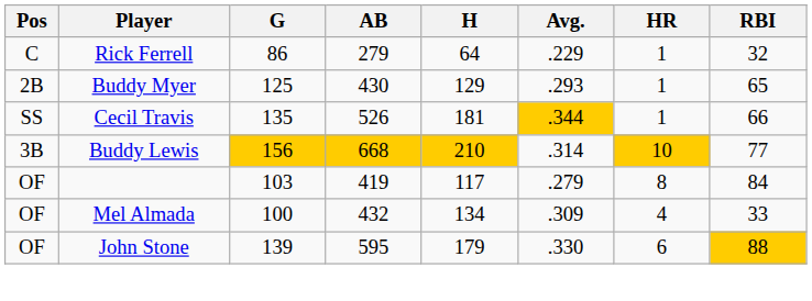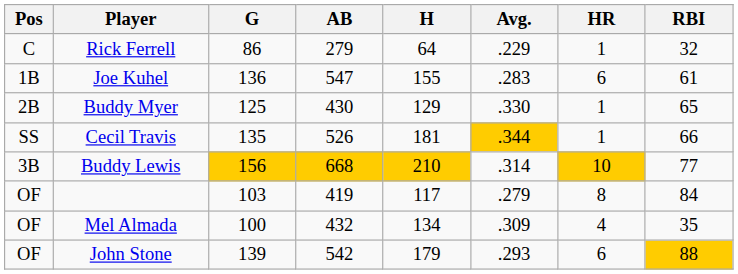 <table class="wikitable sortable">
 <tr>
 <th bgcolor="#DDDDFF" width="5%">Pos</th>
 <th bgcolor="#DDDDFF" width="16%">Player</th>
 <th bgcolor="#DDDDFF" width="9%">G</th>
 <th bgcolor="#DDDDFF" width="9%">AB</th>
 <th bgcolor="#DDDDFF" width="9%">H</th>
 <th bgcolor="#DDDDFF" width="9%">Avg.</th>
 <th bgcolor="#DDDDFF" width="9%">HR</th>
 <th bgcolor="#DDDDFF" width="9%">RBI</th>
 </tr>
 <tr align="center">
 <td>C</td>
 <td><a href='#'>Rick Ferrell</a></td>
 <td>86</td>
 <td>279</td>
 <td>64</td>
 <td>.229</td>
 <td>1</td>
 <td>32</td>
 </tr>
 <tr align="center">
+<td>1B</td>
+<td><a href='#'>Joe Kuhel</a></td>
+<td>136</td>
+<td>547</td>
+<td>155</td>
+<td>.283</td>
+<td>6</td>
+<td>61</td>
+</tr>
+<tr align="center">
 <td>2B</td>
 <td><a href='#'>Buddy Myer</a></td>
 <td>125</td>
 <td>430</td>
 <td>129</td>
-<td>.293</td>
+<td>.330</td>
 <td>1</td>
 <td>65</td>
 </tr>
 <tr align="center">
 <td>SS</td>
 <td><a href='#'>Cecil Travis</a></td>
 <td>135</td>
 <td>526</td>
 <td>181</td>
 <td style="background:#fc0;">.344</td>
 <td>1</td>
 <td>66</td>
 </tr>
 <tr align="center">
 <td>3B</td>
 <td><a href='#'>Buddy Lewis</a></td>
 <td style="background:#fc0;">156</td>
 <td style="background:#fc0;">668</td>
 <td style="background:#fc0;">210</td>
 <td>.314</td>
 <td style="background:#fc0;">10</td>
 <td>77</td>
 </tr>
 <tr align="center">
 <td>OF</td>
 <td></td>
 <td>103</td>
 <td>419</td>
 <td>117</td>
 <td>.279</td>
 <td>8</td>
 <td>84</td>
 </tr>
 <tr align="center">
 <td>OF</td>
 <td><a href='#'>Mel Almada</a></td>
 <td>100</td>
 <td>432</td>
 <td>134</td>
 <td>.309</td>
 <td>4</td>
-<td>33</td>
+<td>35</td>
 </tr>
 <tr align="center">
 <td>OF</td>
 <td><a href='#'>John Stone</a></td>
 <td>139</td>
-<td>595</td>
+<td>542</td>
 <td>179</td>
-<td>.330</td>
+<td>.293</td>
 <td>6</td>
 <td style="background:#fc0;">88</td>
 </tr>
 </table>
